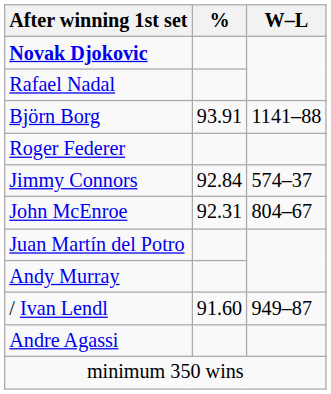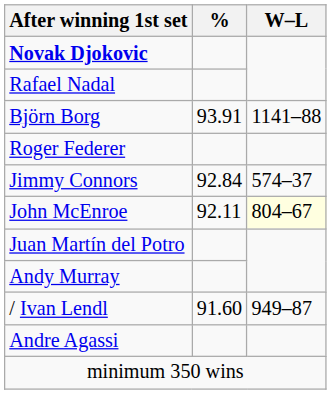 <table class=wikitable style="display:inline-table;">
 <tr>
 <th>After winning 1st set</th>
 <th>%</th>
 <th>W–L </th>
 </tr>
 <tr>
 <td> <strong><a href='#'>Novak Djokovic</a></strong></td>
 <td></td>
 </tr>
 <tr>
 <td> <a href='#'>Rafael Nadal</a></td>
 <td></td>
 </tr>
 <tr>
 <td> <a href='#'>Björn Borg</a></td>
 <td>93.91</td>
 <td>1141–88</td>
 </tr>
 <tr>
 <td> <a href='#'>Roger Federer</a></td>
 <td></td>
 </tr>
 <tr>
 <td> <a href='#'>Jimmy Connors</a></td>
 <td>92.84</td>
 <td>574–37</td>
 </tr>
 <tr>
 <td> <a href='#'>John McEnroe</a></td>
-<td>92.31</td>
-<td>804–67</td>
+<td>92.11</td>
+<td style="background: lightyellow;">804–67</td>
 </tr>
 <tr>
 <td> <a href='#'>Juan Martín del Potro</a></td>
 <td></td>
 </tr>
 <tr>
 <td> <a href='#'>Andy Murray</a></td>
 <td></td>
 </tr>
 <tr>
 <td>/ <a href='#'>Ivan Lendl</a></td>
 <td>91.60</td>
 <td>949–87</td>
 </tr>
 <tr>
 <td> <a href='#'>Andre Agassi</a></td>
 <td></td>
 </tr>
 <tr>
 <td colspan="4" style="text-align:center;">minimum 350 wins</td>
 </tr>
 </table>
